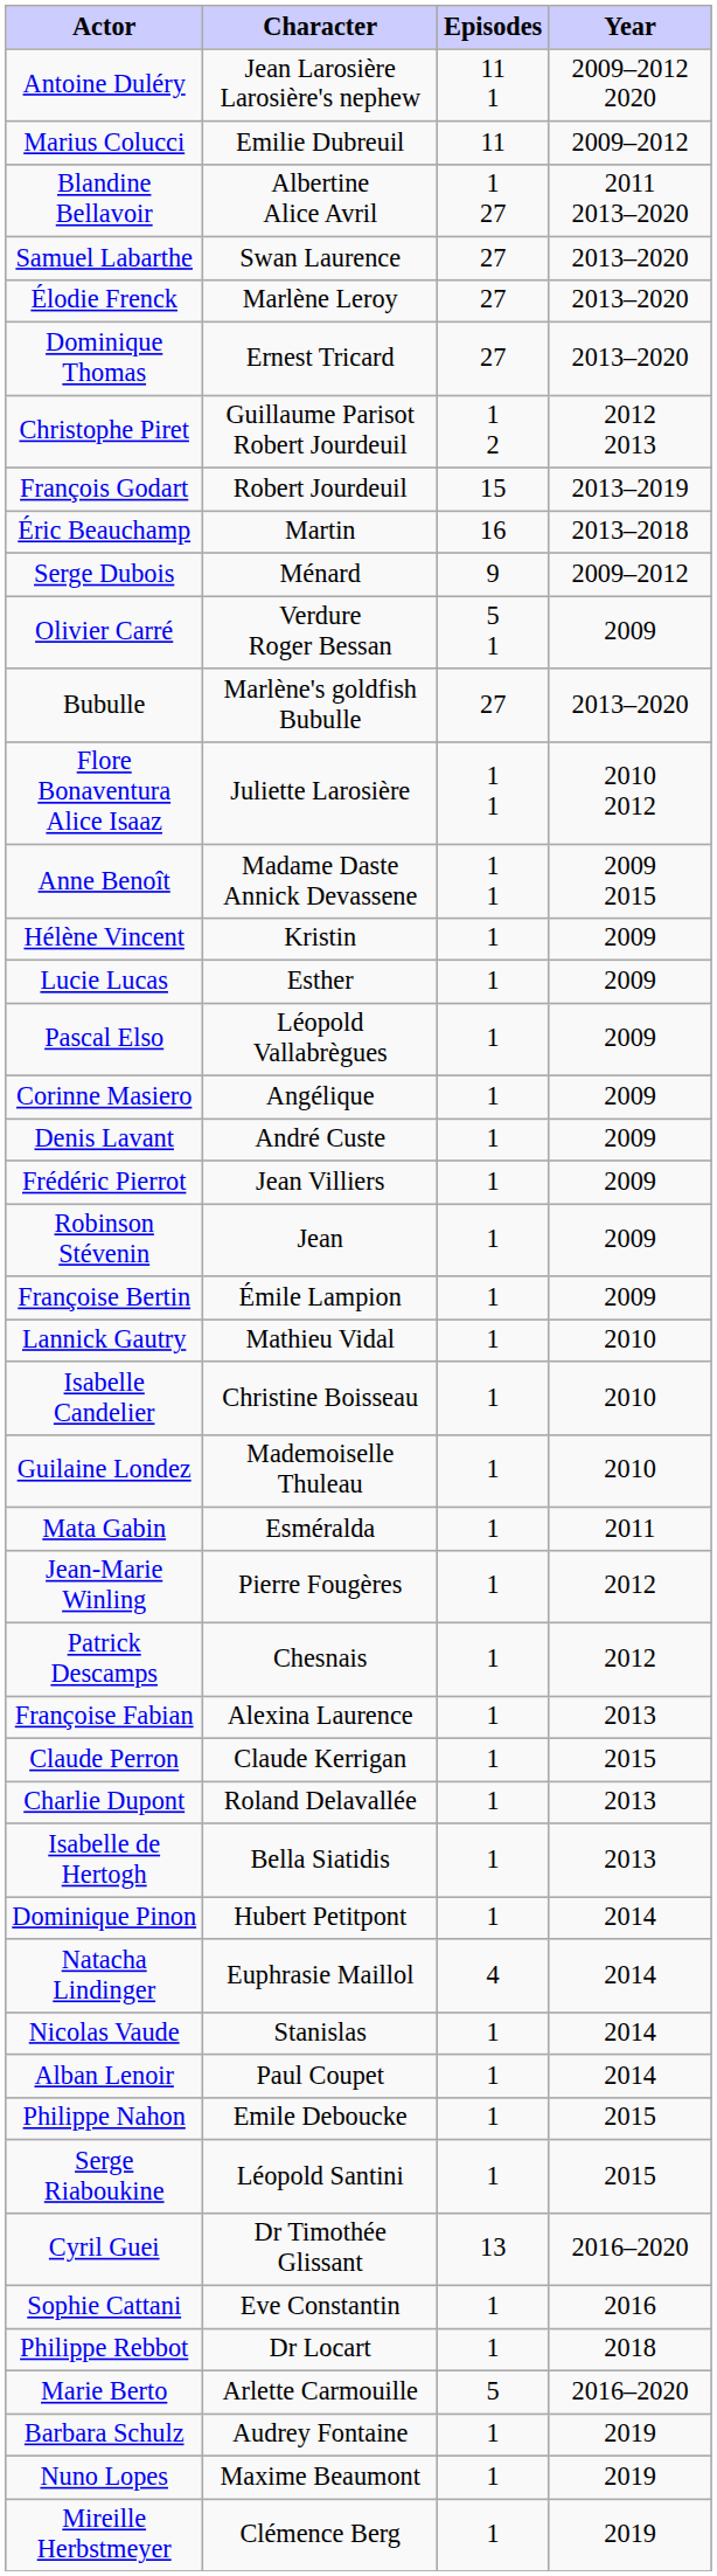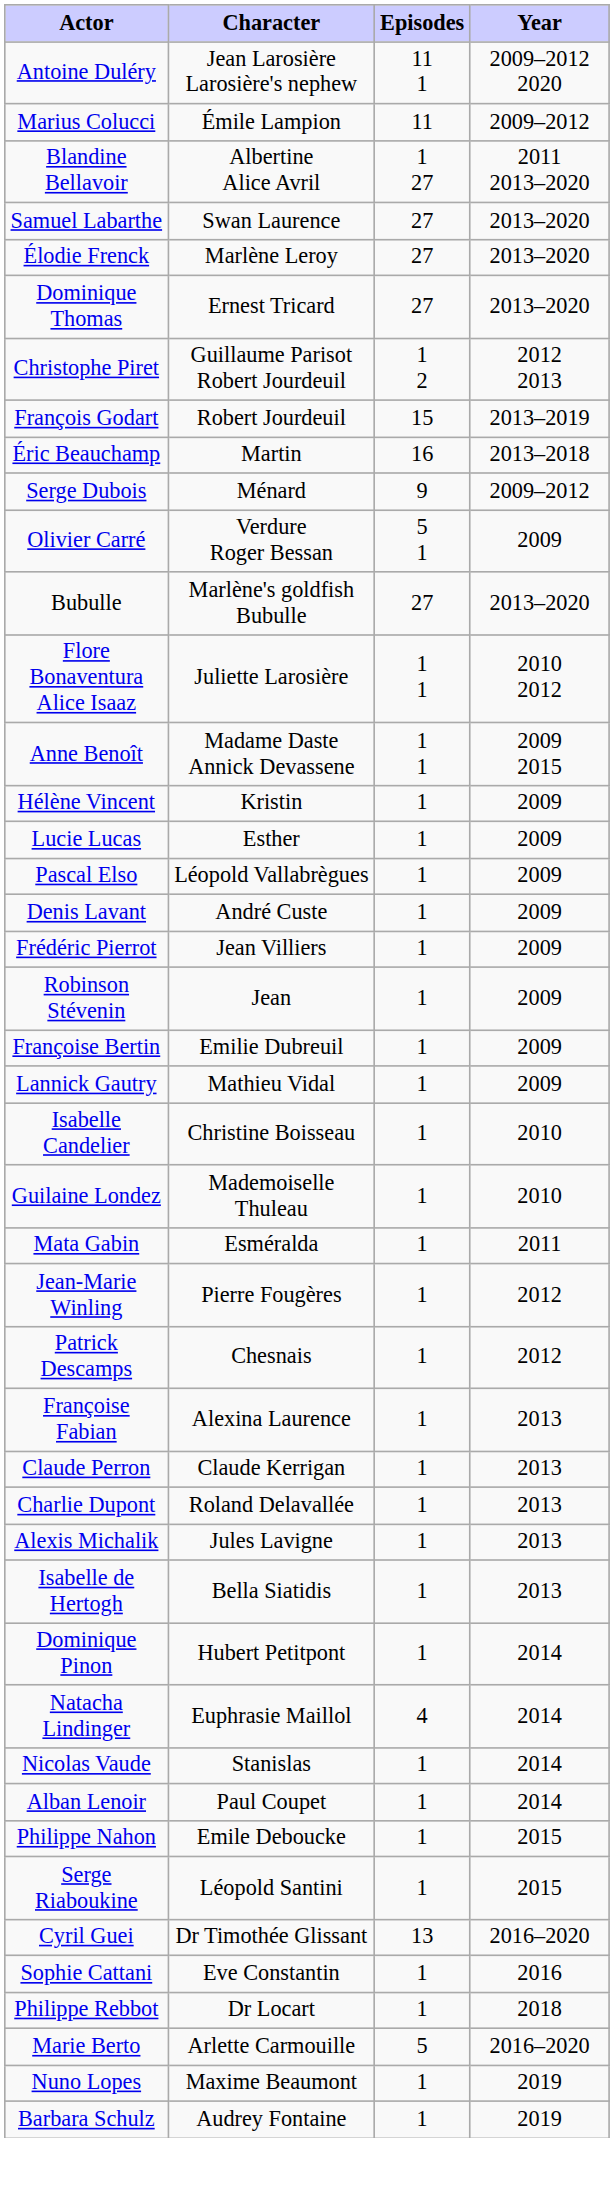 <table class="wikitable mw-collapsible mw-collapsed center" style="font-size: 86%; width:60%; left:0 auto; text-align:center;">
 <tr style="background-color: #CCCCFF">
 <td><strong>Actor</strong></td>
 <td><strong>Character</strong></td>
 <td><strong>Episodes</strong></td>
 <td scope="col" style="width: 80px;"><strong>Year</strong></td>
 </tr>
 <tr>
 <td><a href='#'>Antoine Duléry</a></td>
 <td>Jean Larosière<br>Larosière's nephew</td>
 <td>11<br>1</td>
 <td>2009–2012<br>2020</td>
 </tr>
 <tr>
 <td><a href='#'>Marius Colucci</a></td>
-<td>Emilie Dubreuil</td>
+<td>Émile Lampion</td>
 <td>11</td>
 <td>2009–2012</td>
 </tr>
 <tr>
 <td><a href='#'>Blandine Bellavoir</a></td>
 <td>Albertine<br>Alice Avril</td>
 <td>1<br>27</td>
 <td>2011<br>2013–2020</td>
 </tr>
 <tr>
 <td><a href='#'>Samuel Labarthe</a></td>
 <td>Swan Laurence</td>
 <td>27</td>
 <td>2013–2020</td>
 </tr>
 <tr>
 <td><a href='#'>Élodie Frenck</a></td>
 <td>Marlène Leroy</td>
 <td>27</td>
 <td>2013–2020</td>
 </tr>
 <tr>
 <td><a href='#'>Dominique Thomas</a></td>
 <td>Ernest Tricard</td>
 <td>27</td>
 <td>2013–2020</td>
 </tr>
 <tr>
 <td><a href='#'>Christophe Piret</a></td>
 <td>Guillaume Parisot<br>Robert Jourdeuil</td>
 <td>1<br>2</td>
 <td>2012<br>2013</td>
 </tr>
 <tr>
 <td><a href='#'>François Godart</a></td>
 <td>Robert Jourdeuil</td>
 <td>15</td>
 <td>2013–2019</td>
 </tr>
 <tr>
 <td><a href='#'>Éric Beauchamp</a></td>
 <td>Martin</td>
 <td>16</td>
 <td>2013–2018</td>
 </tr>
 <tr>
 <td><a href='#'>Serge Dubois</a></td>
 <td>Ménard</td>
 <td>9</td>
 <td>2009–2012</td>
 </tr>
 <tr>
 <td><a href='#'>Olivier Carré</a></td>
 <td>Verdure<br>Roger Bessan</td>
 <td>5<br>1</td>
 <td>2009</td>
 </tr>
 <tr>
 <td>Bubulle</td>
 <td>Marlène's goldfish Bubulle</td>
 <td>27</td>
 <td>2013–2020</td>
 </tr>
 <tr>
 <td><a href='#'>Flore Bonaventura</a><br><a href='#'>Alice Isaaz</a></td>
 <td>Juliette Larosière</td>
 <td>1<br>1</td>
 <td>2010<br>2012</td>
 </tr>
 <tr>
 <td><a href='#'>Anne Benoît</a></td>
 <td>Madame Daste<br>Annick Devassene</td>
 <td>1<br>1</td>
 <td>2009<br>2015</td>
 </tr>
 <tr>
 <td><a href='#'>Hélène Vincent</a></td>
 <td>Kristin</td>
 <td>1</td>
 <td>2009</td>
 </tr>
 <tr>
 <td><a href='#'>Lucie Lucas</a></td>
 <td>Esther</td>
 <td>1</td>
 <td>2009</td>
 </tr>
 <tr>
 <td><a href='#'>Pascal Elso</a></td>
 <td>Léopold Vallabrègues</td>
 <td>1</td>
 <td>2009</td>
 </tr>
 <tr>
-<td><a href='#'>Corinne Masiero</a></td>
-<td>Angélique</td>
-<td>1</td>
-<td>2009</td>
-</tr>
-<tr>
 <td><a href='#'>Denis Lavant</a></td>
 <td>André Custe</td>
 <td>1</td>
 <td>2009</td>
 </tr>
 <tr>
 <td><a href='#'>Frédéric Pierrot</a></td>
 <td>Jean Villiers</td>
 <td>1</td>
 <td>2009</td>
 </tr>
 <tr>
 <td><a href='#'>Robinson Stévenin</a></td>
 <td>Jean</td>
 <td>1</td>
 <td>2009</td>
 </tr>
 <tr>
 <td><a href='#'>Françoise Bertin</a></td>
-<td>Émile Lampion</td>
+<td>Emilie Dubreuil</td>
 <td>1</td>
 <td>2009</td>
 </tr>
 <tr>
 <td><a href='#'>Lannick Gautry</a></td>
 <td>Mathieu Vidal</td>
 <td>1</td>
-<td>2010</td>
+<td>2009</td>
 </tr>
 <tr>
 <td><a href='#'>Isabelle Candelier</a></td>
 <td>Christine Boisseau</td>
 <td>1</td>
 <td>2010</td>
 </tr>
 <tr>
 <td><a href='#'>Guilaine Londez</a></td>
 <td>Mademoiselle Thuleau</td>
 <td>1</td>
 <td>2010</td>
 </tr>
 <tr>
 <td><a href='#'>Mata Gabin</a></td>
 <td>Esméralda</td>
 <td>1</td>
 <td>2011</td>
 </tr>
 <tr>
 <td><a href='#'>Jean-Marie Winling</a></td>
 <td>Pierre Fougères</td>
 <td>1</td>
 <td>2012</td>
 </tr>
 <tr>
 <td><a href='#'>Patrick Descamps</a></td>
 <td>Chesnais</td>
 <td>1</td>
 <td>2012</td>
 </tr>
 <tr>
 <td><a href='#'>Françoise Fabian</a></td>
 <td>Alexina Laurence</td>
 <td>1</td>
 <td>2013</td>
 </tr>
 <tr>
 <td><a href='#'>Claude Perron</a></td>
 <td>Claude Kerrigan</td>
 <td>1</td>
-<td>2015</td>
+<td>2013</td>
 </tr>
 <tr>
 <td><a href='#'>Charlie Dupont</a></td>
 <td>Roland Delavallée</td>
+<td>1</td>
+<td>2013</td>
+</tr>
+<tr>
+<td><a href='#'>Alexis Michalik</a></td>
+<td>Jules Lavigne</td>
 <td>1</td>
 <td>2013</td>
 </tr>
 <tr>
 <td><a href='#'>Isabelle de Hertogh</a></td>
 <td>Bella Siatidis</td>
 <td>1</td>
 <td>2013</td>
 </tr>
 <tr>
 <td><a href='#'>Dominique Pinon</a></td>
 <td>Hubert Petitpont</td>
 <td>1</td>
 <td>2014</td>
 </tr>
 <tr>
 <td><a href='#'>Natacha Lindinger</a></td>
 <td>Euphrasie Maillol</td>
 <td>4</td>
 <td>2014</td>
 </tr>
 <tr>
 <td><a href='#'>Nicolas Vaude</a></td>
 <td>Stanislas</td>
 <td>1</td>
 <td>2014</td>
 </tr>
 <tr>
 <td><a href='#'>Alban Lenoir</a></td>
 <td>Paul Coupet</td>
 <td>1</td>
 <td>2014</td>
 </tr>
 <tr>
 <td><a href='#'>Philippe Nahon</a></td>
 <td>Emile Deboucke</td>
 <td>1</td>
 <td>2015</td>
 </tr>
 <tr>
 <td><a href='#'>Serge Riaboukine</a></td>
 <td>Léopold Santini</td>
 <td>1</td>
 <td>2015</td>
 </tr>
 <tr>
 <td><a href='#'>Cyril Guei</a></td>
 <td>Dr Timothée Glissant</td>
 <td>13</td>
 <td>2016–2020</td>
 </tr>
 <tr>
 <td><a href='#'>Sophie Cattani</a></td>
 <td>Eve Constantin</td>
 <td>1</td>
 <td>2016</td>
 </tr>
 <tr>
 <td><a href='#'>Philippe Rebbot</a></td>
 <td>Dr Locart</td>
 <td>1</td>
 <td>2018</td>
 </tr>
 <tr>
 <td><a href='#'>Marie Berto</a></td>
 <td>Arlette Carmouille</td>
 <td>5</td>
 <td>2016–2020</td>
 </tr>
 <tr>
-<td><a href='#'>Barbara Schulz</a></td>
-<td>Audrey Fontaine</td>
-<td>1</td>
-<td>2019</td>
-</tr>
-<tr>
 <td><a href='#'>Nuno Lopes</a></td>
 <td>Maxime Beaumont</td>
 <td>1</td>
 <td>2019</td>
 </tr>
 <tr>
-<td><a href='#'>Mireille Herbstmeyer</a></td>
-<td>Clémence Berg</td>
+<td><a href='#'>Barbara Schulz</a></td>
+<td>Audrey Fontaine</td>
 <td>1</td>
 <td>2019</td>
 </tr>
 </table>
